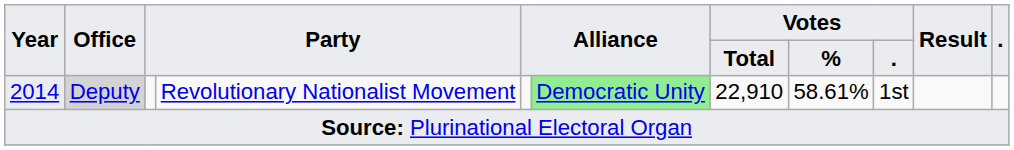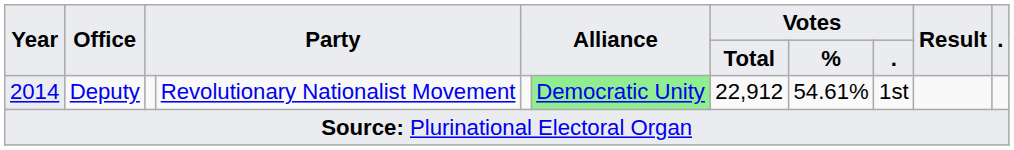 <table class="wikitable" style="font-size:90%; text-align:center;">
 <tr>
 <th style="background-color:#EAECF0;" rowspan=2>Year</th>
 <th style="background-color:#EAECF0;" rowspan=2>Office</th>
 <th style="background-color:#EAECF0;" colspan=2 rowspan=2>Party</th>
 <th style="background-color:#EAECF0;" colspan=2 rowspan=2>Alliance</th>
 <th style="background-color:#EAECF0;" colspan=3>Votes</th>
 <th style="background-color:#EAECF0;" rowspan=2>Result</th>
 <th style="background-color:#EAECF0;" rowspan=2>.</th>
 </tr>
 <tr>
 <th style="background-color:#EAECF0;">Total</th>
 <th style="background-color:#EAECF0;">%</th>
 <th style="background-color:#EAECF0;">.</th>
 </tr>
 <tr>
 <td style="background-color:#EAECF0;"><a href='#'>2014</a></td>
-<td style="background: lightgrey;"><a href='#'>Deputy</a></td>
+<td><a href='#'>Deputy</a></td>
 <td style="background-color:"></td>
 <td><a href='#'>Revolutionary Nationalist Movement</a></td>
 <td style="background-color:"></td>
 <td style="background: lightgreen;"><a href='#'>Democratic Unity</a></td>
-<td>22,910</td>
-<td>58.61%</td>
+<td>22,912</td>
+<td>54.61%</td>
 <td>1st</td>
 <td></td>
 <td></td>
 </tr>
 <tr>
 <td style="background-color:#EAECF0;" colspan=11><strong>Source:</strong> <a href='#'>Plurinational Electoral Organ</a>  </td>
 </tr>
 </table>
